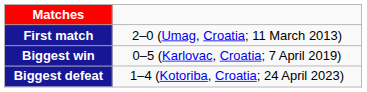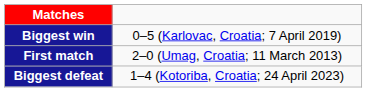 <table class="wikitable collapsible" style="width:50%;text-align:center">
 <tr>
 <th style="background:#ff0000; color:white; "><strong>Matches</strong></th>
+</tr>
+<tr>
+<th style="background:#171796; color:white; ">Biggest win</th>
+<td> 0–5 (<a href='#'>Karlovac</a>, <a href='#'>Croatia</a>; 7 April 2019)</td>
 </tr>
 <tr>
 <th style="background:#171796; color:white; ">First match</th>
 <td> 2–0 (<a href='#'>Umag</a>, <a href='#'>Croatia</a>; 11 March 2013)</td>
 </tr>
 <tr>
-<th style="background:#171796; color:white; ">Biggest win</th>
-<td> 0–5 (<a href='#'>Karlovac</a>, <a href='#'>Croatia</a>; 7 April 2019)</td>
-</tr>
-<tr>
 <th style="background:#171796; color:white; ">Biggest defeat</th>
 <td> 1–4 (<a href='#'>Kotoriba</a>, <a href='#'>Croatia</a>; 24 April 2023)</td>
 </tr>
 </table>
